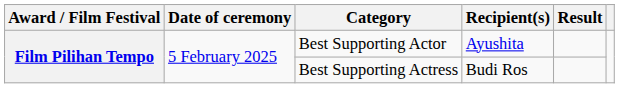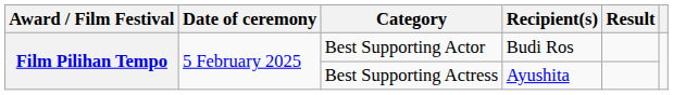 <table class="wikitable sortable plainrowheaders">
 <tr>
 <th scope="col">Award / Film Festival</th>
 <th scope="col">Date of ceremony</th>
 <th scope="col">Category</th>
 <th scope="col">Recipient(s)</th>
 <th scope="col">Result</th>
 <th scope="col" class="unsortable"></th>
 </tr>
 <tr>
 <th scope="row" rowspan="2"><a href='#'>Film Pilihan Tempo</a></th>
 <td rowspan="2"><a href='#'>5 February 2025</a></td>
 <td>Best Supporting Actor</td>
-<td><a href='#'>Ayushita</a></td>
+<td>Budi Ros</td>
 <td></td>
 <td align="center" rowspan="2"></td>
 </tr>
 <tr>
 <td>Best Supporting Actress</td>
-<td>Budi Ros</td>
+<td><a href='#'>Ayushita</a></td>
 <td></td>
 </tr>
 </table>
